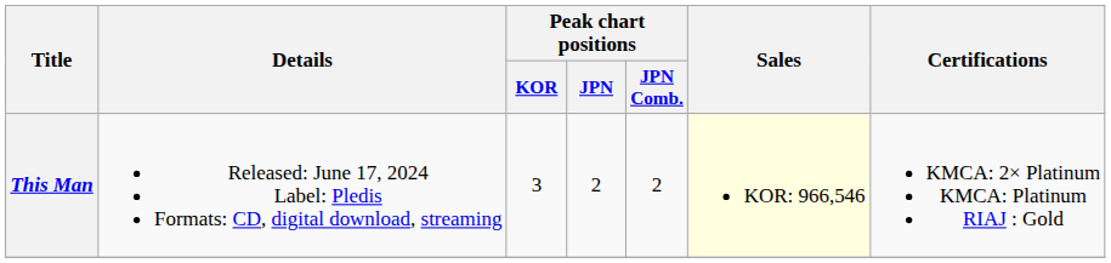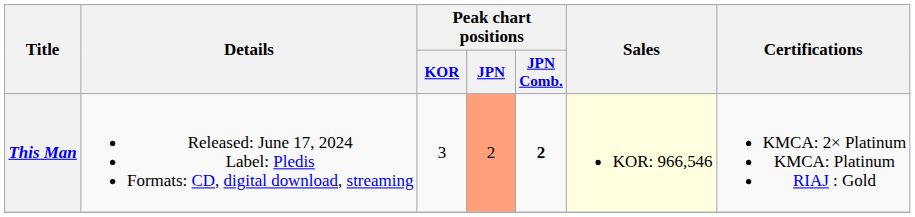 <table class="wikitable plainrowheaders" style="text-align:center">
 <tr>
 <th scope="col" rowspan="2">Title</th>
 <th scope="col" rowspan="2">Details</th>
 <th scope="col" colspan="3">Peak chart positions</th>
 <th scope="col" rowspan="2">Sales</th>
 <th scope="col" rowspan="2">Certifications</th>
 </tr>
 <tr>
 <th scope="col" style="font-size:90%; width:2.75em"><a href='#'>KOR</a><br></th>
 <th scope="col" style="font-size:90%; width:2.75em"><a href='#'>JPN</a><br></th>
 <th scope="col" style="font-size:90%; width:2.75em"><a href='#'>JPN<br>Comb.</a><br></th>
 </tr>
 <tr>
 <th scope="row"><em><a href='#'>This Man</a></em></th>
 <td><br><ul><li>Released: June 17, 2024</li><li>Label: <a href='#'>Pledis</a></li><li>Formats: <a href='#'>CD</a>, <a href='#'>digital download</a>, <a href='#'>streaming</a></li></ul></td>
 <td>3</td>
-<td>2</td>
-<td>2</td>
+<td style="background: lightsalmon;">2</td>
+<td><strong>2</strong></td>
 <td style="background: lightyellow;"><br><ul><li>KOR: 966,546</li></ul></td>
 <td><br><ul><li>KMCA: 2× Platinum</li><li>KMCA: Platinum </li><li><a href='#'>RIAJ</a> : Gold</li></ul></td>
 </tr>
 <tr>
 </tr>
 </table>
